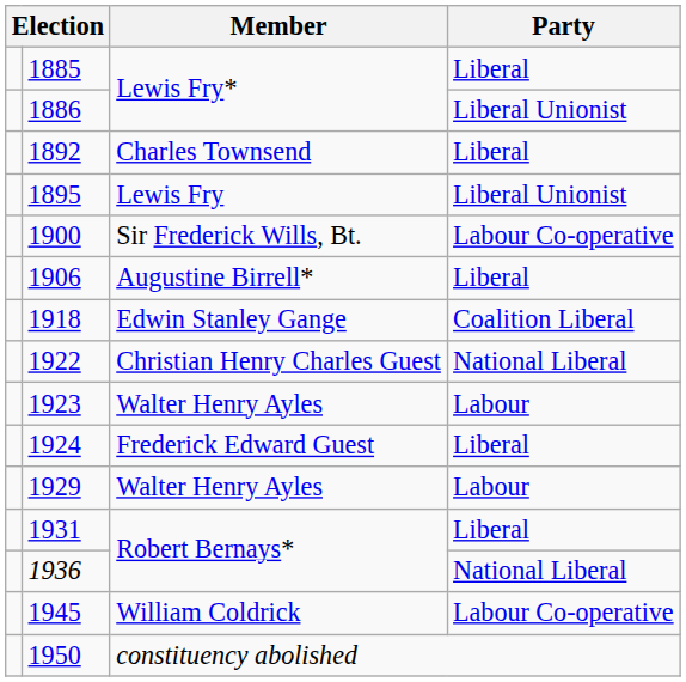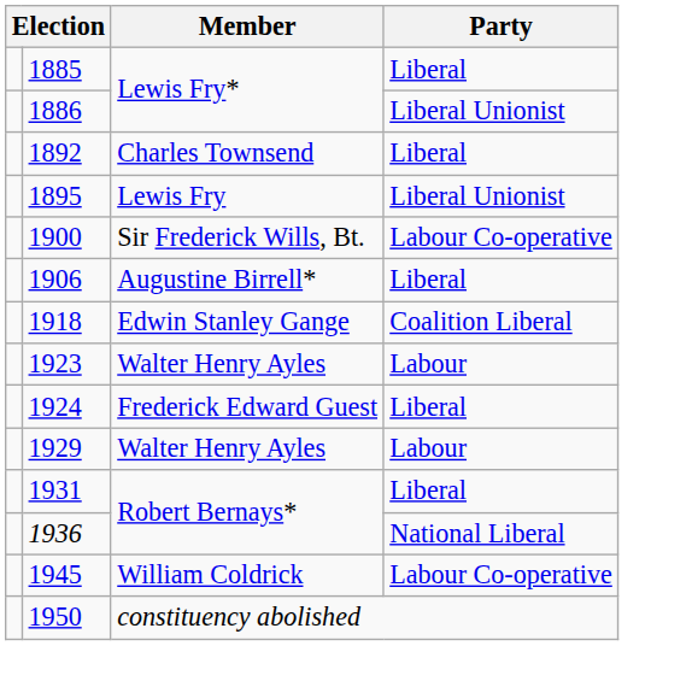 <table class="wikitable">
 <tr>
 <th colspan="2">Election</th>
 <th>Member</th>
 <th>Party</th>
 </tr>
 <tr>
 <td style="color:inherit;background-color: "></td>
 <td><a href='#'>1885</a></td>
 <td rowspan="2"><a href='#'>Lewis Fry</a>*</td>
 <td><a href='#'>Liberal</a></td>
 </tr>
 <tr>
 <td style="color:inherit;background-color: "></td>
 <td><a href='#'>1886</a></td>
 <td><a href='#'>Liberal Unionist</a></td>
 </tr>
 <tr>
 <td style="color:inherit;background-color: "></td>
 <td><a href='#'>1892</a></td>
 <td><a href='#'>Charles Townsend</a></td>
 <td><a href='#'>Liberal</a></td>
 </tr>
 <tr>
 <td style="color:inherit;background-color: "></td>
 <td><a href='#'>1895</a></td>
 <td><a href='#'>Lewis Fry</a></td>
 <td><a href='#'>Liberal Unionist</a></td>
 </tr>
 <tr>
 <td style="color:inherit;background-color: "></td>
 <td><a href='#'>1900</a></td>
 <td>Sir <a href='#'>Frederick Wills</a>, Bt.</td>
 <td><a href='#'>Labour Co-operative</a></td>
 </tr>
 <tr>
 <td style="color:inherit;background-color: "></td>
 <td><a href='#'>1906</a></td>
 <td><a href='#'>Augustine Birrell</a>*</td>
 <td><a href='#'>Liberal</a></td>
 </tr>
 <tr>
 <td style="color:inherit;background-color: "></td>
 <td><a href='#'>1918</a></td>
 <td><a href='#'>Edwin Stanley Gange</a></td>
 <td><a href='#'>Coalition Liberal</a></td>
 </tr>
 <tr>
 <td style="color:inherit;background-color: "></td>
-<td><a href='#'>1922</a></td>
-<td><a href='#'>Christian Henry Charles Guest</a></td>
-<td><a href='#'>National Liberal</a></td>
-</tr>
-<tr>
-<td style="color:inherit;background-color: "></td>
 <td><a href='#'>1923</a></td>
 <td><a href='#'>Walter Henry Ayles</a></td>
 <td><a href='#'>Labour</a></td>
 </tr>
 <tr>
 <td style="color:inherit;background-color: "></td>
 <td><a href='#'>1924</a></td>
 <td><a href='#'>Frederick Edward Guest</a></td>
 <td><a href='#'>Liberal</a></td>
 </tr>
 <tr>
 <td style="color:inherit;background-color: "></td>
 <td><a href='#'>1929</a></td>
 <td><a href='#'>Walter Henry Ayles</a></td>
 <td><a href='#'>Labour</a></td>
 </tr>
 <tr>
 <td style="color:inherit;background-color: "></td>
 <td><a href='#'>1931</a></td>
 <td rowspan="2"><a href='#'>Robert Bernays</a>*</td>
 <td><a href='#'>Liberal</a></td>
 </tr>
 <tr>
 <td style="color:inherit;background-color: "></td>
 <td><em>1936</em></td>
 <td><a href='#'>National Liberal</a></td>
 </tr>
 <tr>
 <td style="color:inherit;background-color: "></td>
 <td><a href='#'>1945</a></td>
 <td><a href='#'>William Coldrick</a></td>
 <td><a href='#'>Labour Co-operative</a></td>
 </tr>
 <tr>
 <td></td>
 <td><a href='#'>1950</a></td>
 <td colspan="2"><em>constituency abolished</em></td>
 </tr>
 </table>
